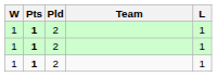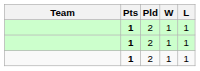 <table class=wikitable style="text-align:center; font-size:95%">
 <tr>
-<th width=20>W</th>
+<th width=175>Team</th>
 <th width=20>Pts</th>
 <th width=20>Pld</th>
-<th width=175>Team</th>
+<th width=20>W</th>
 <th width=20>L</th>
 </tr>
 <tr bgcolor="#ccffcc">
-<td>1</td>
+<td style="text-align:left"></td>
 <td><strong>1</strong></td>
 <td>2</td>
-<td style="text-align:left"></td>
+<td>1</td>
 <td>1</td>
 </tr>
 <tr bgcolor="#ccffcc">
-<td>1</td>
+<td style="text-align:left"></td>
 <td><strong>1</strong></td>
 <td>2</td>
-<td style="text-align:left"></td>
+<td>1</td>
 <td>1</td>
 </tr>
 <tr>
-<td>1</td>
+<td style="text-align:left"></td>
 <td><strong>1</strong></td>
 <td>2</td>
-<td style="text-align:left"></td>
+<td>1</td>
 <td>1</td>
 </tr>
 </table>
